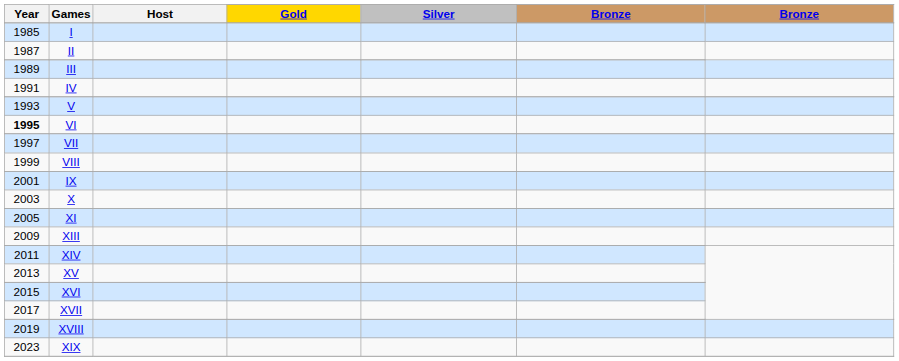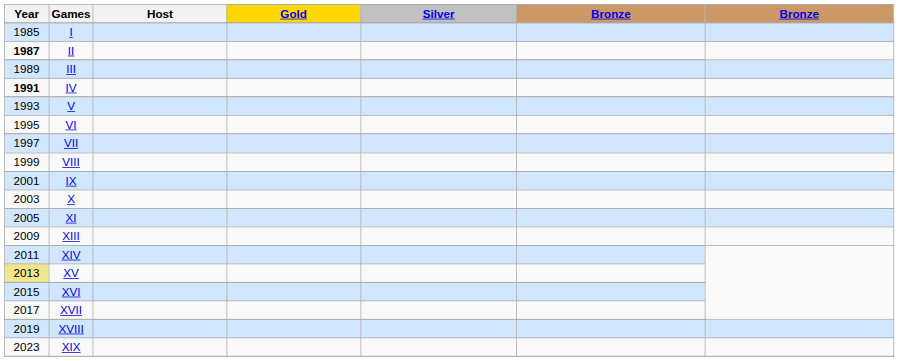 <table class="wikitable" style="text-align: center; font-size:95%;">
 <tr>
 <th rowspan="2" style="width:5%;">Year</th>
 <th rowspan="2" style="width:5%;">Games</th>
 <th rowspan="2" style="width:15%;">Host</th>
 </tr>
 <tr>
 <th style="background-color: gold"><a href='#'>Gold</a></th>
 <th style="background-color: silver"><a href='#'>Silver</a></th>
 <th style="background-color: #CC9966"><a href='#'>Bronze</a></th>
 <th style="background-color: #CC9966"><a href='#'>Bronze</a></th>
 </tr>
 <tr>
 </tr>
 <tr style="text-align:center; background:#d0e7ff;">
 <td>1985</td>
 <td align=center><a href='#'>I</a></td>
 <td align="left"></td>
 <td align="left"></td>
 <td align="left"></td>
 <td align="left"></td>
 <td align="left"></td>
 </tr>
 <tr>
-<td>1987</td>
+<td><strong>1987</strong></td>
 <td align=center><a href='#'>II</a></td>
 <td align="left"></td>
 <td align="left"></td>
 <td align="left"></td>
 <td align="left"></td>
 </tr>
 <tr>
 </tr>
 <tr style="text-align:center; background:#d0e7ff;">
 <td>1989</td>
 <td align=center><a href='#'>III</a></td>
 <td align="left"></td>
 <td align="left"></td>
 <td align="left"></td>
 <td align="left"></td>
 <td align="left"></td>
 </tr>
 <tr>
-<td>1991</td>
+<td><strong>1991</strong></td>
 <td align=center><a href='#'>IV</a></td>
 <td align="left"></td>
 <td align="left"></td>
 <td align="left"></td>
 <td align="left"></td>
 <td align="left"></td>
 </tr>
 <tr>
 </tr>
 <tr style="text-align:center; background:#d0e7ff;">
 <td>1993</td>
 <td align=center><a href='#'>V</a></td>
 <td align="left"></td>
 <td align="left"></td>
 <td align="left"></td>
 <td align="left"></td>
 <td align="left"></td>
 </tr>
 <tr>
-<td><strong>1995</strong></td>
+<td>1995</td>
 <td align=center><a href='#'>VI</a></td>
 <td align="left"></td>
 <td align="left"></td>
 <td align="left"></td>
 <td align="left"></td>
 <td align="left"></td>
 </tr>
 <tr>
 </tr>
 <tr style="text-align:center; background:#d0e7ff;">
 <td>1997</td>
 <td align=center><a href='#'>VII</a></td>
 <td align="left"></td>
 <td align="left"></td>
 <td align="left"></td>
 <td align="left"></td>
 <td align="left"></td>
 </tr>
 <tr>
 <td>1999</td>
 <td align=center><a href='#'>VIII</a></td>
 <td align="left"></td>
 <td align="left"></td>
 <td align="left"></td>
 <td align="left"></td>
 <td align="left"></td>
 </tr>
 <tr>
 </tr>
 <tr style="text-align:center; background:#d0e7ff;">
 <td>2001</td>
 <td align=center><a href='#'>IX</a></td>
 <td align="left"></td>
 <td align="left"></td>
 <td align="left"></td>
 <td align="left"></td>
 <td align="left"></td>
 </tr>
 <tr>
 <td>2003</td>
 <td align=center><a href='#'>X</a></td>
 <td align="left"></td>
 <td align="left"></td>
 <td align="left"></td>
 <td align="left"></td>
 <td align="left"></td>
 </tr>
 <tr>
 </tr>
 <tr style="text-align:center; background:#d0e7ff;">
 <td>2005</td>
 <td align=center><a href='#'>XI</a></td>
 <td align="left"></td>
 <td align="left"></td>
 <td align="left"></td>
 <td align="left"></td>
 <td align="left"></td>
 </tr>
 <tr>
 <td>2009</td>
 <td align=center><a href='#'>XIII</a></td>
 <td align="left"></td>
 <td align="left"></td>
 <td align="left"></td>
 <td align="left"></td>
 <td align="left"></td>
 </tr>
 <tr>
 </tr>
 <tr style="text-align:center; background:#d0e7ff;">
 <td>2011</td>
 <td align=center><a href='#'>XIV</a></td>
 <td align="left"></td>
 <td align="left"></td>
 <td align="left"></td>
 <td align="left"></td>
 </tr>
 <tr>
-<td>2013</td>
+<td style="background: khaki;">2013</td>
 <td align=center><a href='#'>XV</a></td>
 <td align="left"></td>
 <td align="left"></td>
 <td align="left"></td>
 <td align="left"></td>
 </tr>
 <tr>
 </tr>
 <tr style="text-align:center; background:#d0e7ff;">
 <td>2015</td>
 <td align=center><a href='#'>XVI</a></td>
 <td align="left"></td>
 <td align="left"></td>
 <td align="left"></td>
 <td align="left"></td>
 </tr>
 <tr>
 <td>2017</td>
 <td align=center><a href='#'>XVII</a></td>
 <td align="left"></td>
 <td align="left"></td>
 <td align="left"></td>
 <td align="left"></td>
 </tr>
 <tr>
 </tr>
 <tr style="text-align:center; background:#d0e7ff;">
 <td>2019</td>
 <td align=center><a href='#'>XVIII</a></td>
 <td align="left"></td>
 <td align="left"></td>
 <td align="left"></td>
 <td align="left"></td>
 <td align="left"></td>
 </tr>
 <tr>
 <td>2023</td>
 <td align=center><a href='#'>XIX</a></td>
 <td align="left"></td>
 <td align="left"></td>
 <td align="left"></td>
 <td align="left"></td>
 <td align="left"></td>
 </tr>
 <tr>
 </tr>
 </table>
